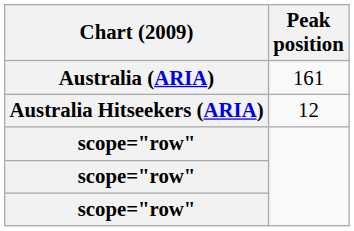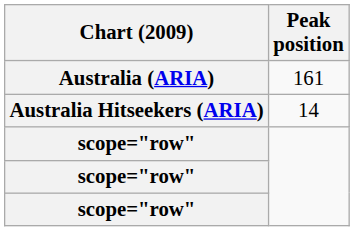 <table class="wikitable sortable plainrowheaders">
 <tr>
 <th scope="col">Chart (2009)</th>
 <th scope="col">Peak<br>position</th>
 </tr>
 <tr>
 <th scope="row">Australia (<a href='#'>ARIA</a>)</th>
 <td align="center">161</td>
 </tr>
 <tr>
 <th scope="row">Australia Hitseekers (<a href='#'>ARIA</a>)</th>
-<td align="center">12</td>
+<td align="center">14</td>
 </tr>
 <tr>
 <th>scope="row"</th>
 </tr>
 <tr>
 <th>scope="row"</th>
 </tr>
 <tr>
 <th>scope="row"</th>
 </tr>
 </table>
